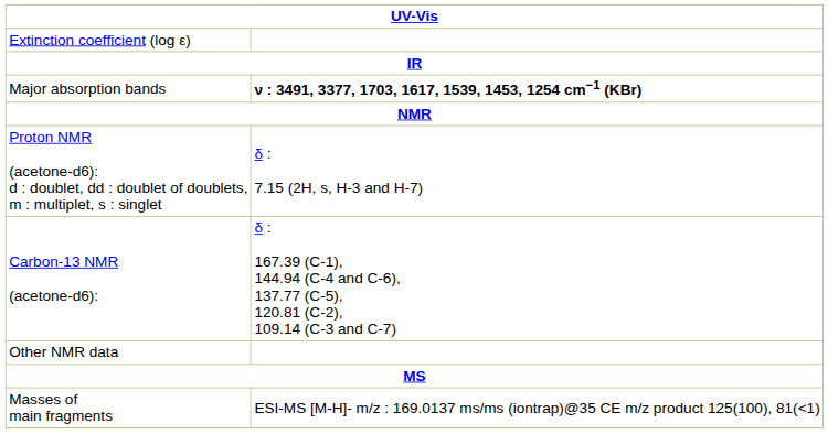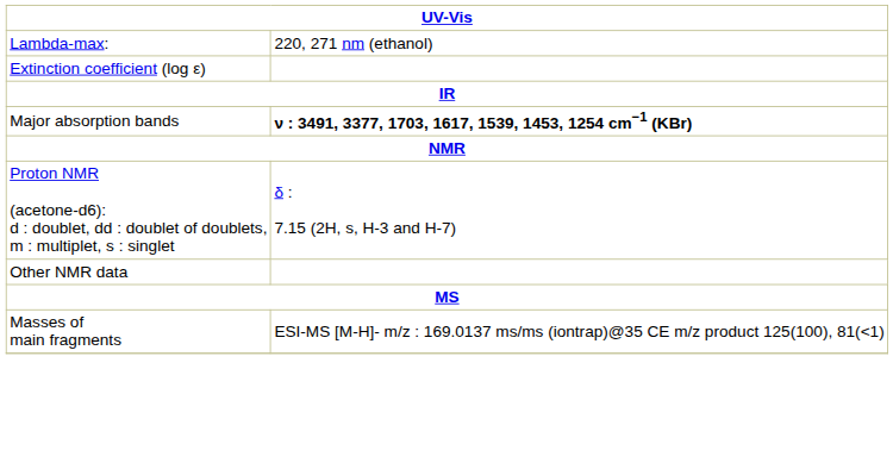 <table style="margin: 0 0 0 0.5em; background: #FFFFFF; border-collapse: collapse; border-color: #C0C090;" border="1" cellspacing="0" cellpadding="3">
 <tr>
 <th colspan="2" ><a href='#'>UV-Vis</a></th>
+</tr>
+<tr>
+<td><a href='#'>Lambda-max</a>:</td>
+<td>220, 271 <a href='#'>nm</a> (ethanol)<br></td>
 </tr>
 <tr>
 <td><a href='#'>Extinction coefficient</a> (log ε)</td>
 <td></td>
 </tr>
 <tr>
 <th colspan="2" ><a href='#'>IR</a></th>
 </tr>
 <tr>
 <td>Major absorption bands</td>
 <td><strong>ν : 3491, 3377, 1703, 1617, 1539, 1453, 1254 cm<sup>−1</sup> (KBr)</strong></td>
 </tr>
 <tr>
 <th colspan="2" ><a href='#'>NMR</a></th>
 </tr>
 <tr>
 <td><a href='#'>Proton NMR</a><br><br>(acetone-d6):  <br>d : doublet, dd : doublet of doublets, <br>m : multiplet, s : singlet</td>
 <td><a href='#'>δ</a> :<br><br>7.15 (2H, s, H-3 and H-7)</td>
 </tr>
 <tr>
-<td><a href='#'>Carbon-13 NMR</a><br><br>(acetone-d6): </td>
-<td><a href='#'>δ</a> :<br><br>167.39 (C-1),<br> 144.94 (C-4 and C-6),<br> 137.77 (C-5),<br> 120.81 (C-2),<br> 109.14 (C-3 and C-7)</td>
-</tr>
-<tr>
 <td>Other NMR data </td>
 </tr>
 <tr>
 <th colspan="2" ><a href='#'>MS</a></th>
 </tr>
 <tr>
 <td>Masses of <br>main fragments</td>
 <td>ESI-MS [M-H]- m/z : 169.0137 ms/ms (iontrap)@35 CE m/z product 125(100), 81(<1)</td>
 </tr>
 <tr>
 </tr>
 </table>
